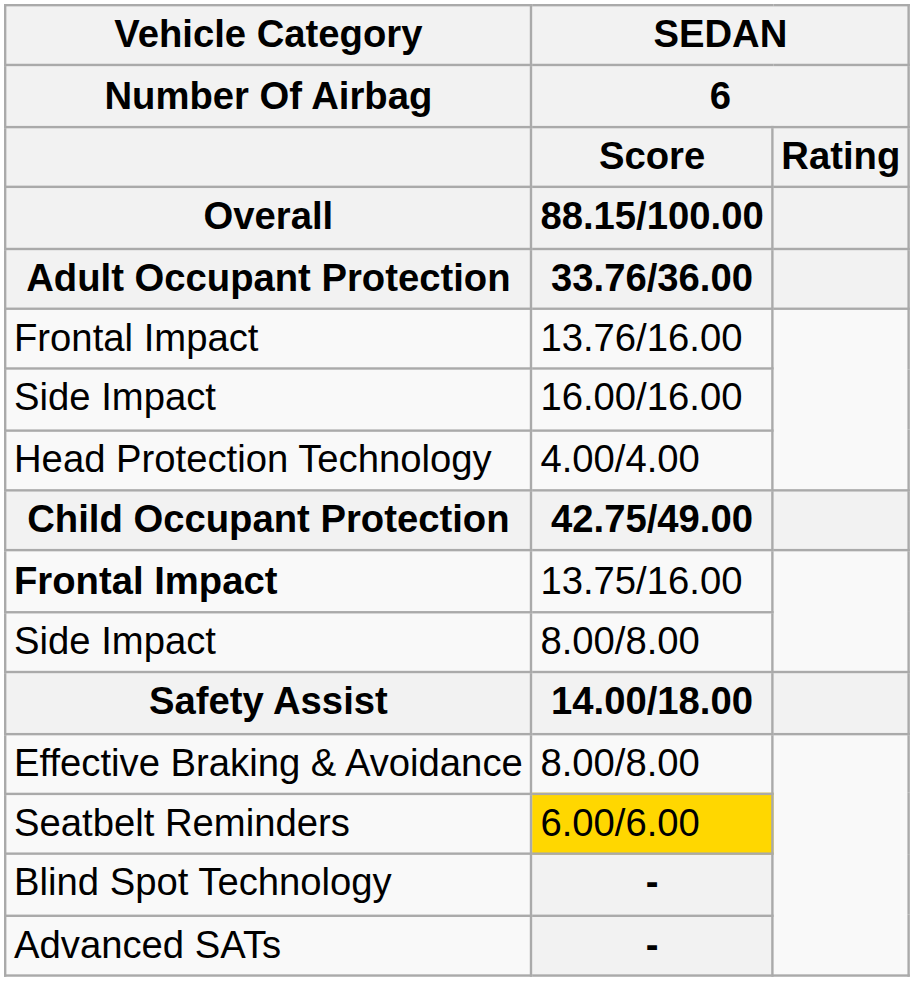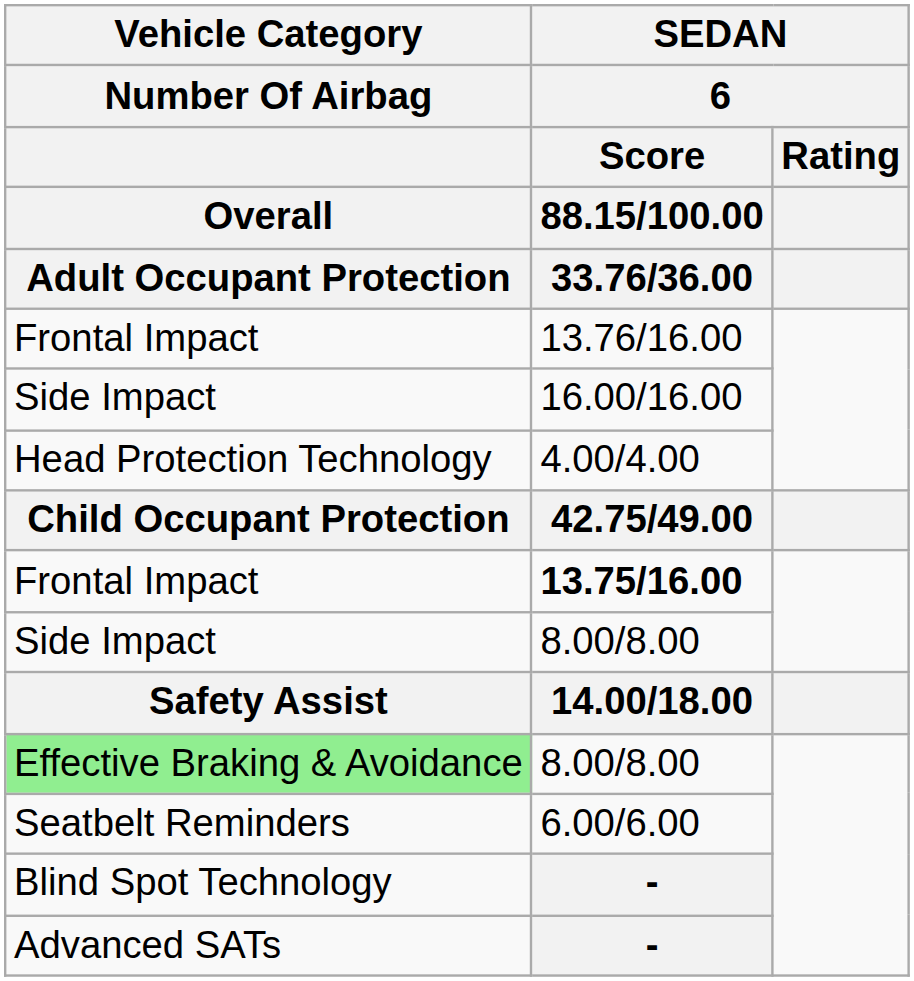 <table class="wikitable">
 <tr>
 <th>Vehicle Category</th>
 <th colspan="2">SEDAN</th>
 </tr>
 <tr>
 <th>Number Of Airbag</th>
 <th colspan="2">6</th>
 </tr>
 <tr>
 <th></th>
 <th>Score</th>
 <th>Rating</th>
 </tr>
 <tr>
 <th>Overall</th>
 <th>88.15/100.00</th>
 <th></th>
 </tr>
 <tr>
 <th>Adult Occupant Protection</th>
 <th>33.76/36.00</th>
 <th></th>
 </tr>
 <tr>
 <td>Frontal Impact</td>
 <td>13.76/16.00</td>
 <td rowspan="3"></td>
 </tr>
 <tr>
 <td>Side Impact</td>
 <td>16.00/16.00</td>
 </tr>
 <tr>
 <td>Head Protection Technology</td>
 <td>4.00/4.00</td>
 </tr>
 <tr>
 <th>Child Occupant Protection</th>
 <th>42.75/49.00</th>
 <th></th>
 </tr>
 <tr>
-<td><strong>Frontal Impact</strong></td>
-<td>13.75/16.00</td>
+<td>Frontal Impact</td>
+<td><strong>13.75/16.00</strong></td>
 <td rowspan="2"></td>
 </tr>
 <tr>
 <td>Side Impact</td>
 <td>8.00/8.00</td>
 </tr>
 <tr>
 <th>Safety Assist</th>
 <th>14.00/18.00</th>
 <th></th>
 </tr>
 <tr>
-<td>Effective Braking & Avoidance</td>
+<td style="background: lightgreen;">Effective Braking & Avoidance</td>
 <td>8.00/8.00</td>
 <td rowspan="4"></td>
 </tr>
 <tr>
 <td>Seatbelt Reminders</td>
-<td style="background: gold;">6.00/6.00</td>
+<td>6.00/6.00</td>
 </tr>
 <tr>
 <td>Blind Spot Technology</td>
 <th>-</th>
 </tr>
 <tr>
 <td>Advanced SATs</td>
 <th>-</th>
 </tr>
 </table>
